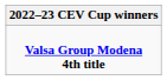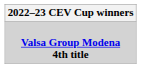 <table class="wikitable" style="text-align:center; margin:auto">
 <tr>
 <th>2022–23 CEV Cup winners</th>
 </tr>
 <tr>
-<td><br> <strong><a href='#'>Valsa Group Modena</a></strong><br> <strong>4th title</strong></td>
+<td style="background: lightgrey;"><br> <strong><a href='#'>Valsa Group Modena</a></strong><br> <strong>4th title</strong></td>
 </tr>
 </table>
